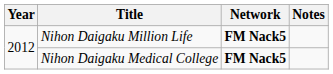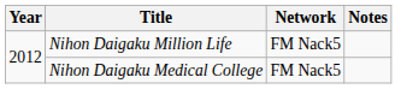 <table class="wikitable">
 <tr>
 <th>Year</th>
 <th>Title</th>
 <th>Network</th>
 <th>Notes</th>
 </tr>
 <tr>
 <td rowspan="2">2012</td>
 <td><em>Nihon Daigaku Million Life</em></td>
-<td><strong>FM Nack5</strong></td>
+<td>FM Nack5</td>
 <td></td>
 </tr>
 <tr>
 <td><em>Nihon Daigaku Medical College</em></td>
-<td><strong>FM Nack5</strong></td>
+<td>FM Nack5</td>
 <td></td>
 </tr>
 </table>
